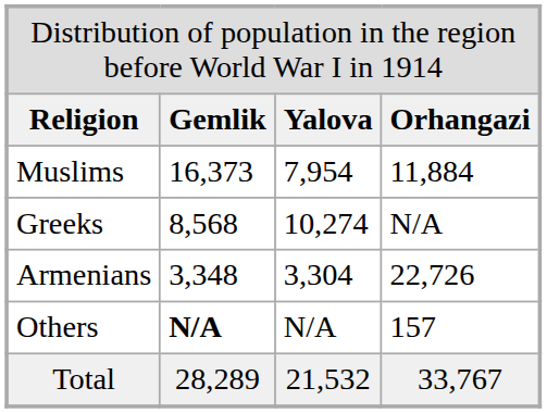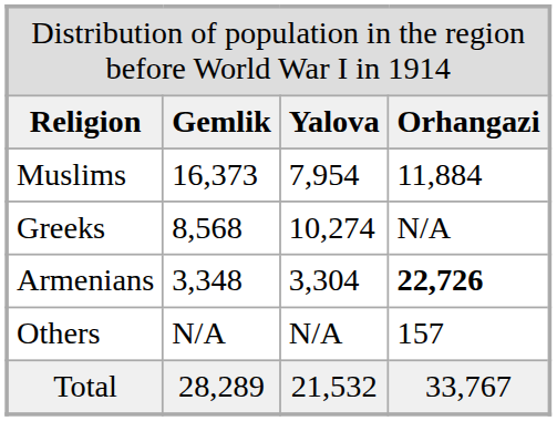 <table cellpadding="4" cellspacing="0" rules="all" style="margin:auto; width:250px; margin:1em; background:#fff; border:2px solid #aaa; font-size:100%;">
 <tr style="background:#ddd;">
 <td colspan="9" style="text-align:center;">Distribution of population in the region before World War I in 1914</td>
 </tr>
 <tr style="background:#f0f0f0; text-align:center;">
 <th>Religion</th>
 <th>Gemlik</th>
 <th>Yalova</th>
 <th>Orhangazi</th>
 </tr>
 <tr>
 <td>Muslims</td>
 <td>16,373</td>
 <td>7,954</td>
 <td>11,884</td>
 </tr>
 <tr>
 <td>Greeks</td>
 <td>8,568</td>
 <td>10,274</td>
 <td>N/A</td>
 </tr>
 <tr>
 <td>Armenians</td>
 <td>3,348</td>
 <td>3,304</td>
-<td>22,726</td>
+<td><strong>22,726</strong></td>
 </tr>
 <tr>
 <td>Others</td>
-<td><strong>N/A</strong></td>
+<td>N/A</td>
 <td>N/A</td>
 <td>157</td>
 </tr>
 <tr style="background:#f0f0f0; text-align:center;">
 <td>Total</td>
 <td>28,289</td>
 <td>21,532</td>
 <td>33,767</td>
 </tr>
 </table>
